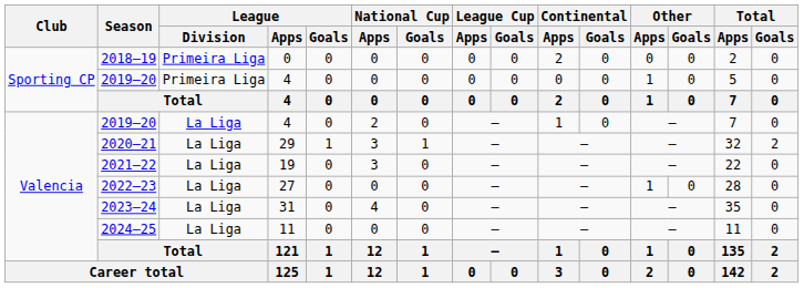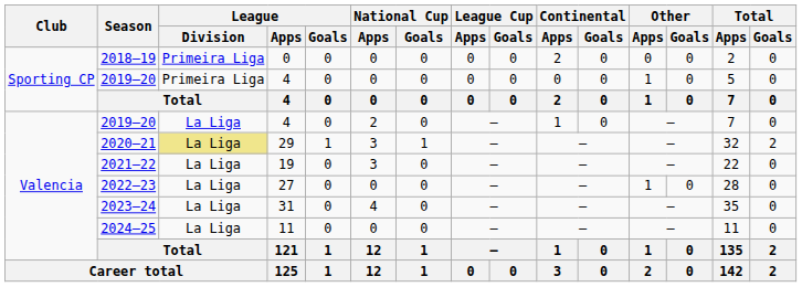 <table class="wikitable" style="text-align:center">
 <tr>
 <th rowspan="2">Club</th>
 <th rowspan="2">Season</th>
 <th colspan="3">League</th>
 <th colspan="2">National Cup</th>
 <th colspan="2">League Cup</th>
 <th colspan="2">Continental</th>
 <th colspan="2">Other</th>
 <th colspan="2">Total</th>
 </tr>
 <tr>
 <th>Division</th>
 <th>Apps</th>
 <th>Goals</th>
 <th>Apps</th>
 <th>Goals</th>
 <th>Apps</th>
 <th>Goals</th>
 <th>Apps</th>
 <th>Goals</th>
 <th>Apps</th>
 <th>Goals</th>
 <th>Apps</th>
 <th>Goals</th>
 </tr>
 <tr>
 <td rowspan="3"><a href='#'>Sporting CP</a></td>
 <td><a href='#'>2018–19</a></td>
 <td><a href='#'>Primeira Liga</a></td>
 <td>0</td>
 <td>0</td>
 <td>0</td>
 <td>0</td>
 <td>0</td>
 <td>0</td>
 <td>2</td>
 <td>0</td>
 <td>0</td>
 <td>0</td>
 <td>2</td>
 <td>0</td>
 </tr>
 <tr>
 <td><a href='#'>2019–20</a></td>
 <td>Primeira Liga</td>
 <td>4</td>
 <td>0</td>
 <td>0</td>
 <td>0</td>
 <td>0</td>
 <td>0</td>
 <td>0</td>
 <td>0</td>
 <td>1</td>
 <td>0</td>
 <td>5</td>
 <td>0</td>
 </tr>
 <tr>
 <th colspan="2">Total</th>
 <th>4</th>
 <th>0</th>
 <th>0</th>
 <th>0</th>
 <th>0</th>
 <th>0</th>
 <th>2</th>
 <th>0</th>
 <th>1</th>
 <th>0</th>
 <th>7</th>
 <th>0</th>
 </tr>
 <tr>
 <td rowspan="7"><a href='#'>Valencia</a></td>
 <td><a href='#'>2019–20</a></td>
 <td><a href='#'>La Liga</a></td>
 <td>4</td>
 <td>0</td>
 <td>2</td>
 <td>0</td>
 <td colspan="2">—</td>
 <td>1</td>
 <td>0</td>
 <td colspan="2">—</td>
 <td>7</td>
 <td>0</td>
 </tr>
 <tr>
 <td><a href='#'>2020–21</a></td>
-<td>La Liga</td>
+<td style="background: khaki;">La Liga</td>
 <td>29</td>
 <td>1</td>
 <td>3</td>
 <td>1</td>
 <td colspan="2">—</td>
 <td colspan="2">—</td>
 <td colspan="2">—</td>
 <td>32</td>
 <td>2</td>
 </tr>
 <tr>
 <td><a href='#'>2021–22</a></td>
 <td>La Liga</td>
 <td>19</td>
 <td>0</td>
 <td>3</td>
 <td>0</td>
 <td colspan="2">—</td>
 <td colspan="2">—</td>
 <td colspan="2">—</td>
 <td>22</td>
 <td>0</td>
 </tr>
 <tr>
 <td><a href='#'>2022–23</a></td>
 <td>La Liga</td>
 <td>27</td>
 <td>0</td>
 <td>0</td>
 <td>0</td>
 <td colspan="2">—</td>
 <td colspan="2">—</td>
 <td>1</td>
 <td>0</td>
 <td>28</td>
 <td>0</td>
 </tr>
 <tr>
 <td><a href='#'>2023–24</a></td>
 <td>La Liga</td>
 <td>31</td>
 <td>0</td>
 <td>4</td>
 <td>0</td>
 <td colspan="2">—</td>
 <td colspan="2">—</td>
 <td colspan="2">—</td>
 <td>35</td>
 <td>0</td>
 </tr>
 <tr>
 <td><a href='#'>2024–25</a></td>
 <td>La Liga</td>
 <td>11</td>
 <td>0</td>
 <td>0</td>
 <td>0</td>
 <td colspan="2">—</td>
 <td colspan="2">—</td>
 <td colspan="2">—</td>
 <td>11</td>
 <td>0</td>
 </tr>
 <tr>
 <th colspan="2">Total</th>
 <th>121</th>
 <th>1</th>
 <th>12</th>
 <th>1</th>
 <th colspan="2">—</th>
 <th>1</th>
 <th>0</th>
 <th>1</th>
 <th>0</th>
 <th>135</th>
 <th>2</th>
 </tr>
 <tr>
 <th colspan="3">Career total</th>
 <th>125</th>
 <th>1</th>
 <th>12</th>
 <th>1</th>
 <th>0</th>
 <th>0</th>
 <th>3</th>
 <th>0</th>
 <th>2</th>
 <th>0</th>
 <th>142</th>
 <th>2</th>
 </tr>
 </table>
